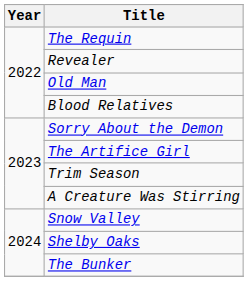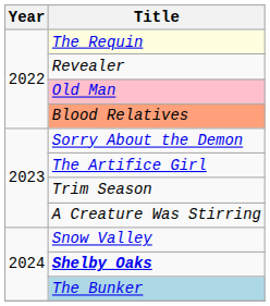 <table class="wikitable sortable">
 <tr>
 <th>Year</th>
 <th>Title</th>
 </tr>
 <tr>
 <td rowspan="4">2022</td>
-<td><em><a href='#'>The Requin</a></em></td>
+<td style="background: lightyellow;"><em><a href='#'>The Requin</a></em></td>
 </tr>
 <tr>
 <td><em>Revealer</em></td>
 </tr>
 <tr>
-<td><em><a href='#'>Old Man</a></em></td>
+<td style="background: pink;"><em><a href='#'>Old Man</a></em></td>
 </tr>
 <tr>
-<td><em>Blood Relatives</em></td>
+<td style="background: lightsalmon;"><em>Blood Relatives</em></td>
 </tr>
 <tr>
 <td rowspan="4">2023</td>
 <td><em><a href='#'>Sorry About the Demon</a></em></td>
 </tr>
 <tr>
 <td><em><a href='#'>The Artifice Girl</a></em></td>
 </tr>
 <tr>
 <td><em>Trim Season</em></td>
 </tr>
 <tr>
 <td><em>A Creature Was Stirring</em></td>
 </tr>
 <tr>
 <td rowspan="3">2024</td>
 <td><em><a href='#'>Snow Valley</a></em></td>
 </tr>
 <tr>
-<td><em><a href='#'>Shelby Oaks</a></em></td>
+<td><strong><em><a href='#'>Shelby Oaks</a></em></strong></td>
 </tr>
 <tr>
-<td><em><a href='#'>The Bunker</a></em></td>
+<td style="background: lightblue;"><em><a href='#'>The Bunker</a></em></td>
 </tr>
 <tr>
 </tr>
 </table>
